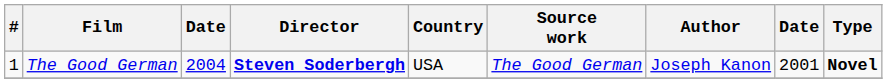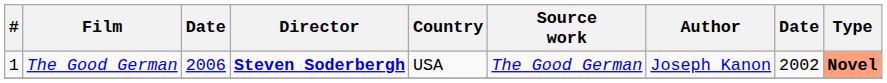 <table class="wikitable">
 <tr>
 <th>#</th>
 <th>Film</th>
 <th>Date</th>
 <th>Director</th>
 <th>Country</th>
 <th>Source<br>work</th>
 <th>Author</th>
 <th>Date</th>
 <th>Type</th>
 </tr>
 <tr>
 <td>1</td>
 <td><em><a href='#'>The Good German</a></em></td>
-<td><a href='#'>2004</a></td>
+<td><a href='#'>2006</a></td>
 <td><strong><a href='#'>Steven Soderbergh</a></strong></td>
 <td>USA</td>
 <td><em><a href='#'>The Good German</a></em></td>
 <td><a href='#'>Joseph Kanon</a></td>
-<td>2001</td>
-<td><strong>Novel</strong></td>
+<td>2002</td>
+<td style="background: lightsalmon;"><strong>Novel</strong></td>
 </tr>
 <tr>
 </tr>
 </table>
